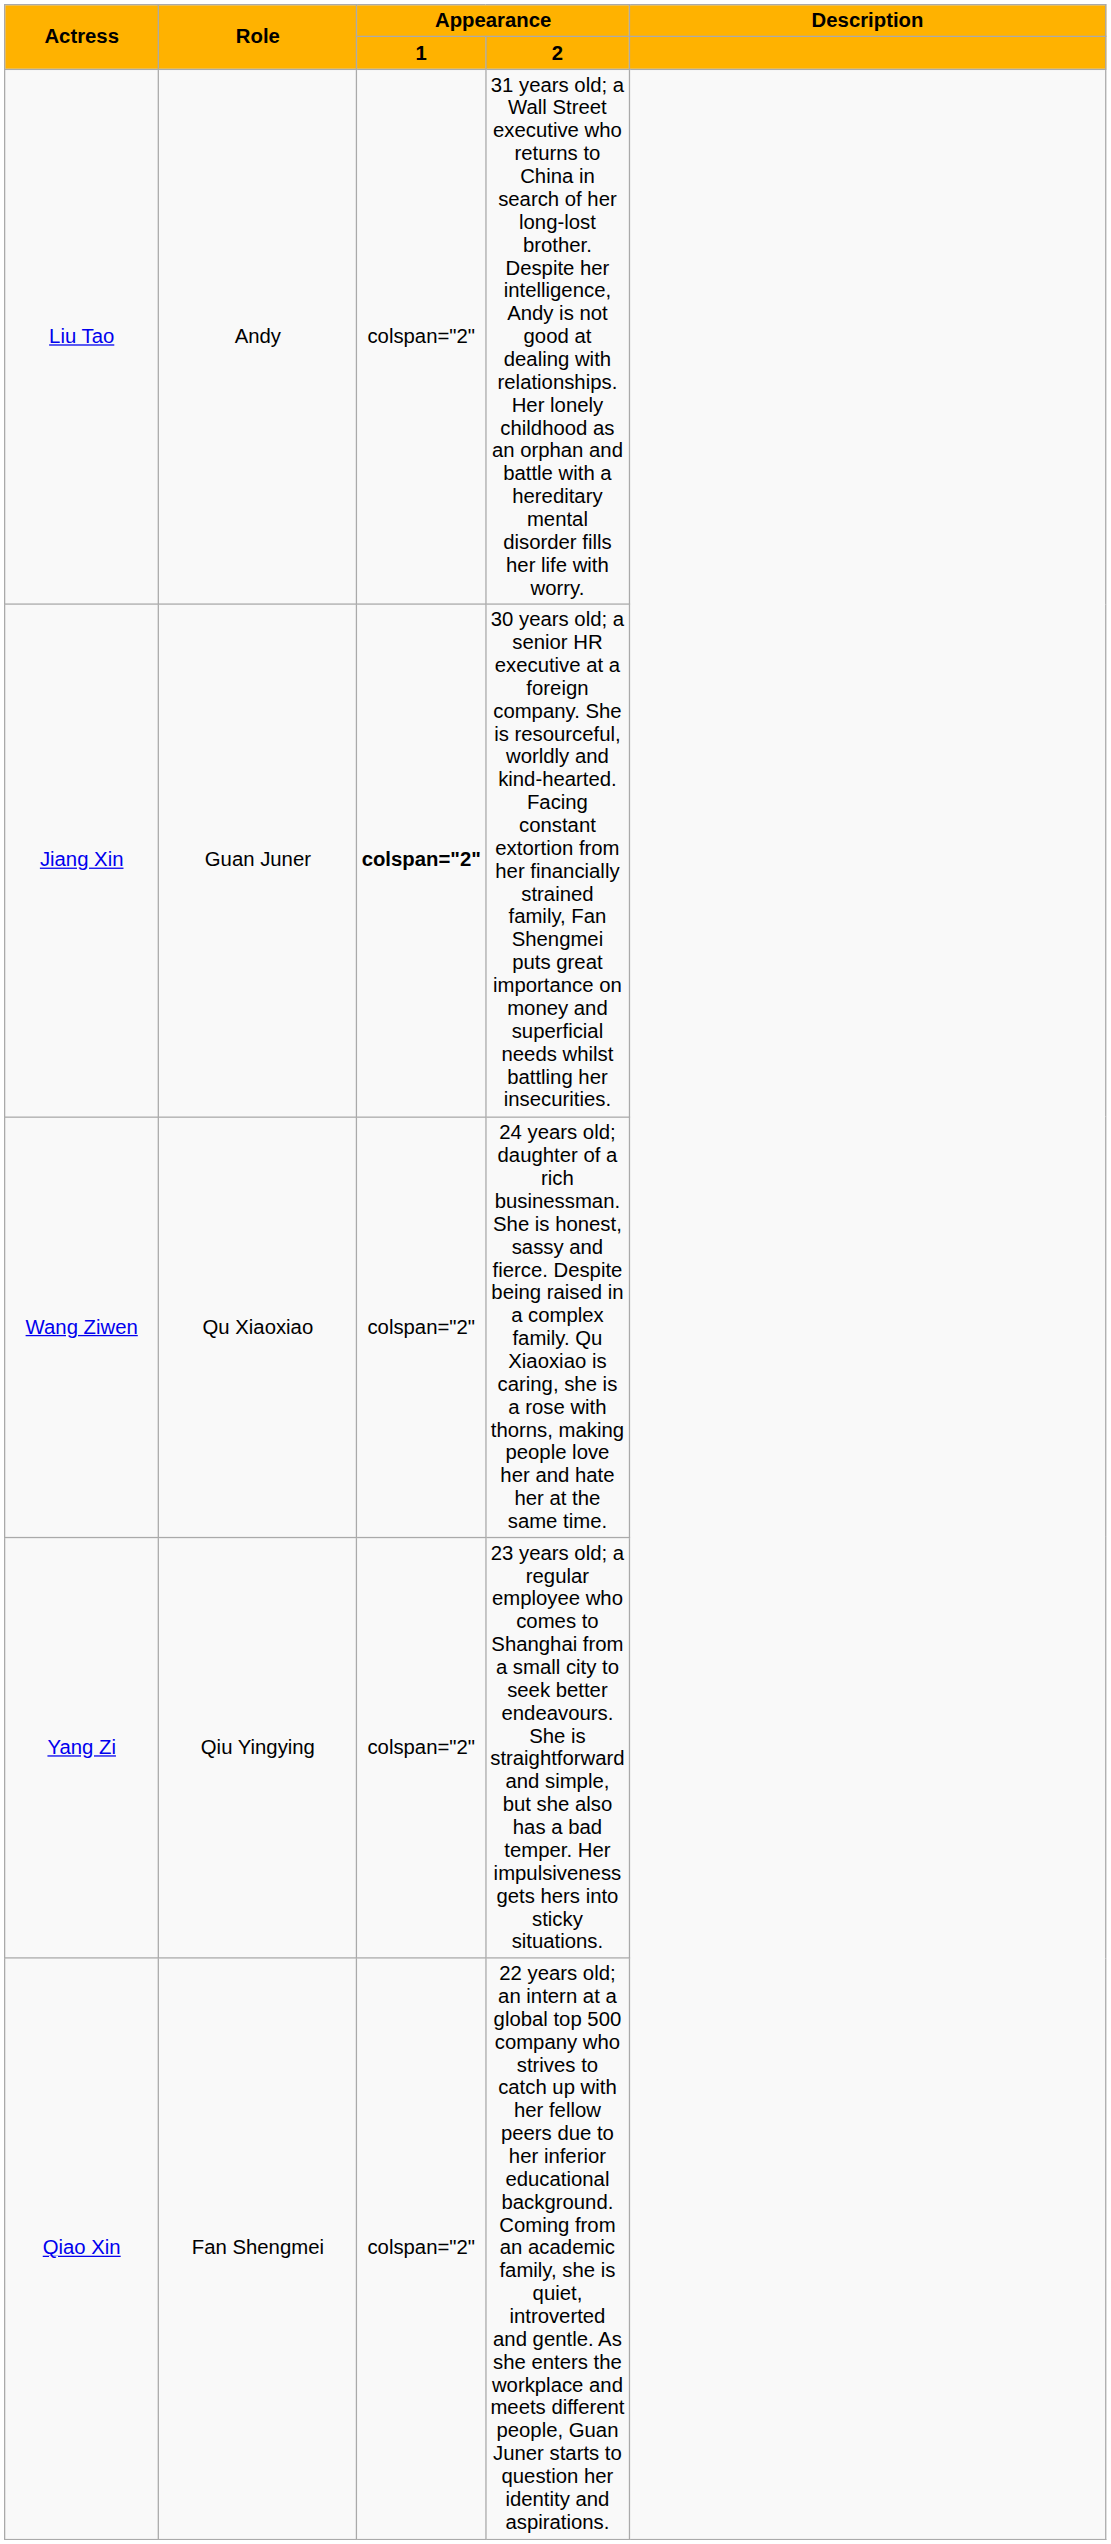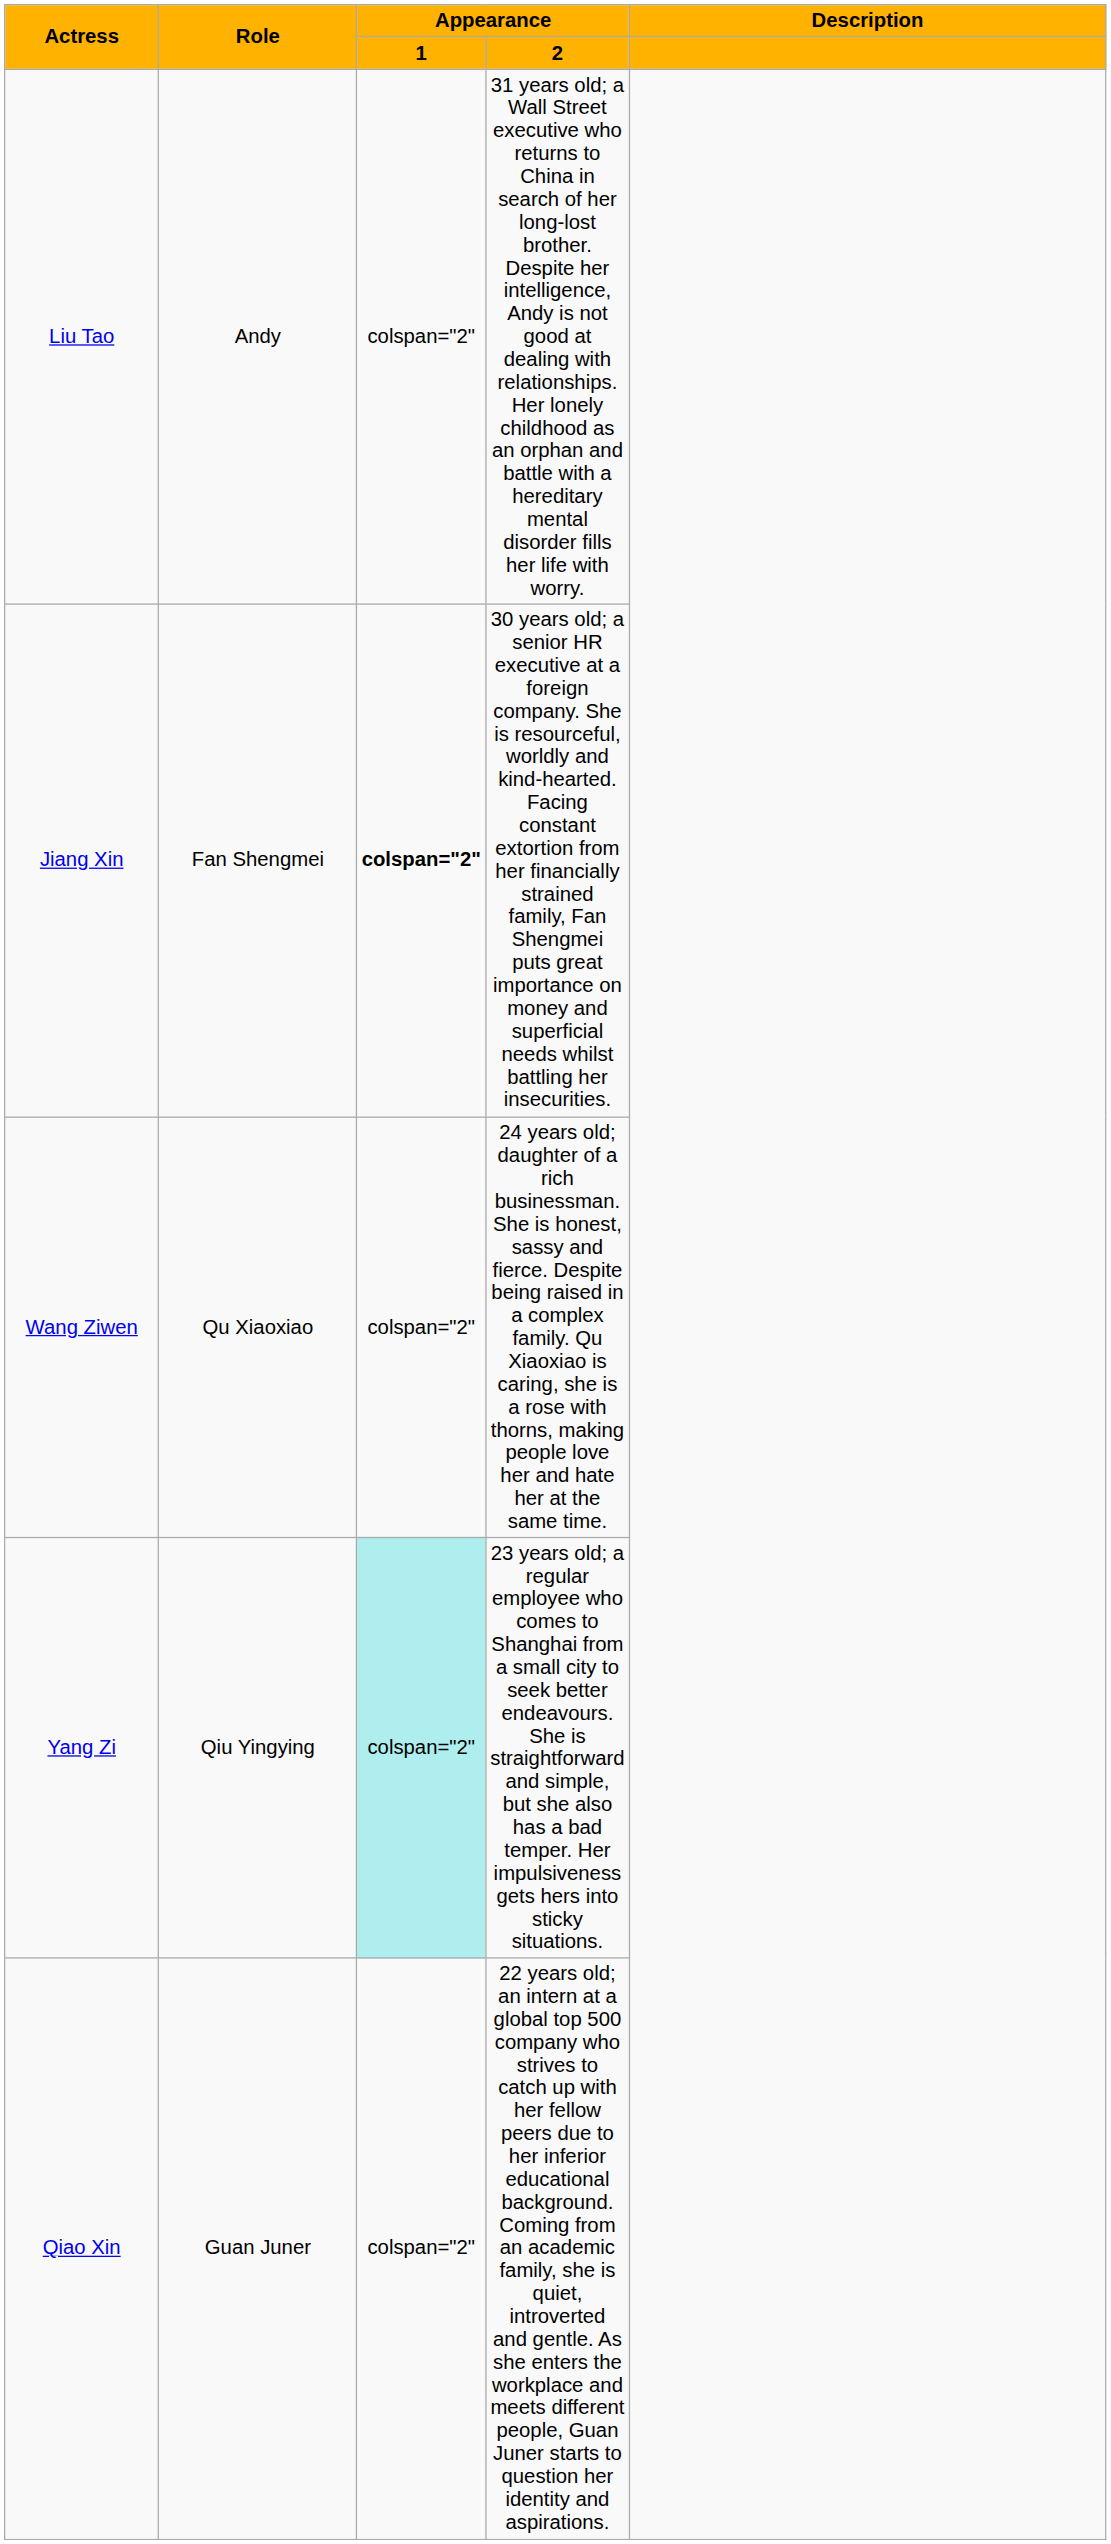 <table class="wikitable" style="text-align:center">
 <tr style="background:#ffb200">
 <td rowspan="2" style="width:14%"><strong>Actress</strong></td>
 <td rowspan="2" style="width:18%"><strong>Role</strong></td>
 <td colspan="2"><strong>Appearance</strong></td>
 <td><strong>Description</strong></td>
 </tr>
 <tr style="background:#ffb200">
 <td style="width:60pt;"><strong>1</strong></td>
 <td style="width:60pt;"><strong>2</strong></td>
 <td style="width:350pt;"></td>
 </tr>
 <tr>
 <td><a href='#'>Liu Tao</a></td>
 <td>Andy</td>
 <td>colspan="2" </td>
 <td>31 years old; a Wall Street executive who returns to China in search of her long-lost brother. Despite her intelligence, Andy is not good at dealing with relationships. Her lonely childhood as an orphan and battle with a hereditary mental disorder fills her life with worry.</td>
 </tr>
 <tr>
 <td><a href='#'>Jiang Xin</a></td>
-<td>Guan Juner</td>
+<td>Fan Shengmei</td>
 <td><strong>colspan="2" </strong></td>
 <td>30 years old; a senior HR executive at a foreign company. She is resourceful, worldly and kind-hearted. Facing constant extortion from her financially strained family, Fan Shengmei puts great importance on money and superficial needs whilst battling her insecurities.</td>
 </tr>
 <tr>
 <td><a href='#'>Wang Ziwen</a></td>
 <td>Qu Xiaoxiao</td>
 <td>colspan="2" </td>
 <td>24 years old; daughter of a rich businessman. She is honest, sassy and fierce. Despite being raised in a complex family. Qu Xiaoxiao is caring, she is a rose with thorns, making people love her and hate her at the same time.</td>
 </tr>
 <tr>
 <td><a href='#'>Yang Zi</a></td>
 <td>Qiu Yingying</td>
-<td>colspan="2" </td>
+<td style="background: paleturquoise;">colspan="2" </td>
 <td>23 years old; a regular employee who comes to Shanghai from a small city to seek better endeavours. She is straightforward and simple, but she also has a bad temper. Her impulsiveness gets hers into sticky situations.</td>
 </tr>
 <tr>
 <td><a href='#'>Qiao Xin</a></td>
-<td>Fan Shengmei</td>
+<td>Guan Juner</td>
 <td>colspan="2" </td>
 <td>22 years old; an intern at a global top 500 company who strives to catch up with her fellow peers due to her inferior educational background. Coming from an academic family, she is quiet, introverted and gentle. As she enters the workplace and meets different people, Guan Juner starts to question her identity and aspirations.</td>
 </tr>
 </table>
